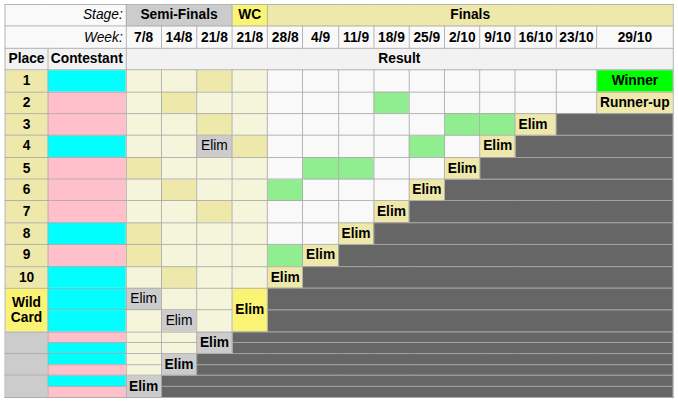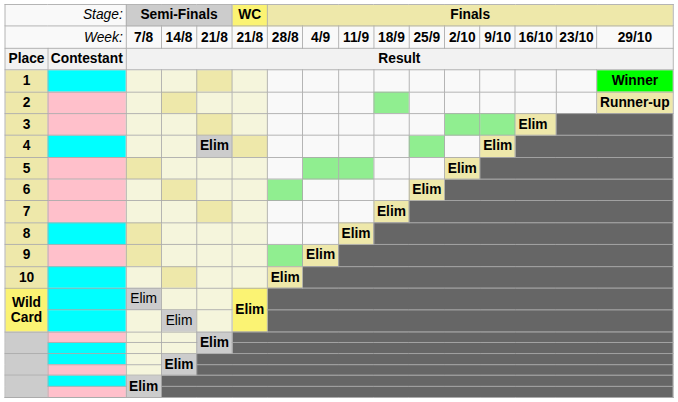 <table class="wikitable" style="margin:1em auto;">
 <tr>
 <td colspan="2" align="right"><em>Stage:</em></td>
 <td colspan="3" bgcolor="CCCCCC" align="Center"><strong>Semi-Finals</strong></td>
 <td colspan="1" bgcolor="#FBF373" align="center"><strong>WC</strong></td>
 <td colspan="11" bgcolor="palegoldenrod" align="Center"><strong>Finals</strong></td>
 </tr>
 <tr>
 <td colspan="2" align="right"><em>Week:</em></td>
 <td align="center"><strong>7/8</strong></td>
 <td align="center"><strong>14/8</strong></td>
 <td align="center"><strong>21/8</strong></td>
 <td align="center"><strong>21/8</strong></td>
 <td align="center"><strong>28/8</strong></td>
 <td align="center"><strong>4/9</strong></td>
 <td align="center"><strong>11/9</strong></td>
 <td align="center"><strong>18/9</strong></td>
 <td align="center"><strong>25/9</strong></td>
 <td align="center"><strong>2/10</strong></td>
 <td align="center"><strong>9/10</strong></td>
 <td align="center"><strong>16/10</strong></td>
 <td align="center"><strong>23/10</strong></td>
 <td align="center"><strong>29/10</strong></td>
 </tr>
 <tr>
 <th>Place</th>
 <th>Contestant</th>
 <th colspan="14" align="center">Result</th>
 </tr>
 <tr>
 <td align="center" bgcolor="palegoldenrod"><strong>1</strong></td>
 <td bgcolor="cyan"></td>
 <td bgcolor="F5F5DC"></td>
 <td bgcolor="F5F5DC"></td>
 <td bgcolor="palegoldenrod" align="center"></td>
 <td bgcolor="F5F5DC"></td>
 <td></td>
 <td></td>
 <td></td>
 <td></td>
 <td></td>
 <td></td>
 <td></td>
 <td></td>
 <td></td>
 <td align="center" bgcolor=lime><strong>Winner</strong></td>
 </tr>
 <tr>
 <td align="center" bgcolor="palegoldenrod"><strong>2</strong></td>
 <td bgcolor="pink"></td>
 <td bgcolor="F5F5DC"></td>
 <td bgcolor="palegoldenrod" align="center"></td>
 <td bgcolor="F5F5DC"></td>
 <td bgcolor="F5F5DC"></td>
 <td></td>
 <td></td>
 <td></td>
 <td bgcolor="lightgreen" align="center"></td>
 <td></td>
 <td></td>
 <td></td>
 <td></td>
 <td></td>
 <td align="center" bgcolor="palegoldenrod"><strong>Runner-up</strong></td>
 </tr>
 <tr>
 <td align="center" bgcolor="palegoldenrod"><strong>3</strong></td>
 <td bgcolor="pink"></td>
 <td bgcolor="F5F5DC"></td>
 <td bgcolor="F5F5DC"></td>
 <td bgcolor="palegoldenrod" align="center"></td>
 <td bgcolor="F5F5DC"></td>
 <td></td>
 <td></td>
 <td></td>
 <td></td>
 <td></td>
 <td bgcolor="lightgreen" align="center"></td>
 <td bgcolor="lightgreen" align="center"></td>
 <td bgcolor="palegoldenrod"><strong>Elim</strong></td>
 <td bgcolor="666666" colspan="3"></td>
 </tr>
 <tr>
 <td align="center" bgcolor="palegoldenrod"><strong>4</strong></td>
 <td bgcolor="cyan"></td>
 <td bgcolor="F5F5DC"></td>
 <td bgcolor="F5F5DC"></td>
-<td bgcolor="#CCCCCC" align="center">Elim</td>
+<td bgcolor="#CCCCCC" align="center"><strong>Elim</strong></td>
 <td bgcolor="palegoldenrod" align="center"></td>
 <td></td>
 <td></td>
 <td></td>
 <td></td>
 <td bgcolor="lightgreen" align="center"></td>
 <td></td>
 <td bgcolor="palegoldenrod"><strong>Elim</strong></td>
 <td bgcolor="666666" colspan="4"></td>
 </tr>
 <tr>
 <td align="center" bgcolor="palegoldenrod"><strong>5</strong></td>
 <td bgcolor="pink"></td>
 <td bgcolor="palegoldenrod" align="center"></td>
 <td bgcolor="F5F5DC"></td>
 <td bgcolor="F5F5DC"></td>
 <td bgcolor="F5F5DC"></td>
 <td></td>
 <td bgcolor="lightgreen" align="center"></td>
 <td bgcolor="lightgreen" align="center"></td>
 <td></td>
 <td></td>
 <td bgcolor="palegoldenrod"><strong>Elim</strong></td>
 <td bgcolor="666666" colspan="5"></td>
 </tr>
 <tr>
 <td align="center" bgcolor="palegoldenrod"><strong>6</strong></td>
 <td bgcolor="pink"></td>
 <td bgcolor="F5F5DC"></td>
 <td bgcolor="palegoldenrod" align="center"></td>
 <td bgcolor="F5F5DC"></td>
 <td bgcolor="F5F5DC"></td>
 <td bgcolor="lightgreen" align="center"></td>
 <td></td>
 <td></td>
 <td></td>
 <td bgcolor="palegoldenrod"><strong>Elim</strong></td>
 <td bgcolor="666666" colspan="6"></td>
 </tr>
 <tr>
 <td align="center" bgcolor="palegoldenrod"><strong>7</strong></td>
 <td bgcolor="pink"></td>
 <td bgcolor="F5F5DC"></td>
 <td bgcolor="F5F5DC"></td>
 <td bgcolor="palegoldenrod" align="center"></td>
 <td bgcolor="F5F5DC"></td>
 <td></td>
 <td></td>
 <td></td>
 <td bgcolor="palegoldenrod"><strong>Elim</strong></td>
 <td bgcolor="666666" colspan="7"></td>
 </tr>
 <tr>
 <td align="center" bgcolor="palegoldenrod"><strong>8</strong></td>
 <td bgcolor="cyan"></td>
 <td bgcolor="palegoldenrod" align="center"></td>
 <td bgcolor="F5F5DC"></td>
 <td bgcolor="F5F5DC"></td>
 <td bgcolor="F5F5DC"></td>
 <td></td>
 <td></td>
 <td bgcolor="palegoldenrod"><strong>Elim</strong></td>
 <td bgcolor="666666" colspan="8"></td>
 </tr>
 <tr>
 <td align="center" bgcolor="palegoldenrod"><strong>9</strong></td>
 <td bgcolor="pink"></td>
 <td bgcolor="palegoldenrod" align="center"></td>
 <td bgcolor="F5F5DC"></td>
 <td bgcolor="F5F5DC"></td>
 <td bgcolor="F5F5DC"></td>
 <td bgcolor="lightgreen" align="center"></td>
 <td bgcolor="palegoldenrod"><strong>Elim</strong></td>
 <td bgcolor="666666" colspan="9"></td>
 </tr>
 <tr>
 <td align="center" bgcolor="palegoldenrod"><strong>10</strong></td>
 <td bgcolor="cyan"></td>
 <td bgcolor="F5F5DC"></td>
 <td bgcolor="palegoldenrod" align="center"></td>
 <td bgcolor="F5F5DC"></td>
 <td bgcolor="F5F5DC"></td>
 <td bgcolor="palegoldenrod"><strong>Elim</strong></td>
 <td bgcolor="666666" colspan="10"></td>
 </tr>
 <tr>
 <td bgcolor="#FBF373" align="center" rowspan="2"><strong>Wild<br>Card</strong></td>
 <td bgcolor="cyan"></td>
 <td bgcolor="#CCCCCC" align="center">Elim</td>
 <td bgcolor="F5F5DC"></td>
 <td bgcolor="F5F5DC"></td>
 <td bgcolor="#FBF373" align="center" rowspan="2"><strong>Elim</strong></td>
 <td bgcolor="666666" colspan="11"></td>
 </tr>
 <tr>
 <td bgcolor="cyan"></td>
 <td bgcolor="F5F5DC"></td>
 <td bgcolor="#CCCCCC" align="center">Elim</td>
 <td bgcolor="F5F5DC"></td>
 <td bgcolor="666666" colspan="11"></td>
 </tr>
 <tr>
 <td bgcolor="#CCCCCC" align="center" rowspan="2"></td>
 <td bgcolor="pink"></td>
 <td bgcolor="F5F5DC"></td>
 <td bgcolor="F5F5DC"></td>
 <td bgcolor="#CCCCCC" align="center" rowspan="2"><strong>Elim</strong></td>
 <td bgcolor="#666666" colspan="12"></td>
 </tr>
 <tr>
 <td bgcolor="cyan"></td>
 <td bgcolor="F5F5DC"></td>
 <td bgcolor="F5F5DC"></td>
 <td bgcolor="666666" colspan="12"></td>
 </tr>
 <tr>
 <td bgcolor="#CCCCCC" align="center" rowspan="2"></td>
 <td bgcolor="cyan"></td>
 <td bgcolor="F5F5DC"></td>
 <td bgcolor="#CCCCCC" align="center" rowspan="2"><strong>Elim</strong></td>
 <td bgcolor="#666666" colspan="13"></td>
 </tr>
 <tr>
 <td bgcolor="pink"></td>
 <td bgcolor="F5F5DC"></td>
 <td bgcolor="#666666" colspan="13"></td>
 </tr>
 <tr>
 <td bgcolor="#CCCCCC" align="center" rowspan="2"></td>
 <td bgcolor="cyan"></td>
 <td bgcolor="#CCCCCC" align="center" rowspan="2"><strong>Elim</strong></td>
 <td bgcolor="#666666" colspan="14"></td>
 </tr>
 <tr>
 <td bgcolor="pink"></td>
 <td bgcolor="#666666" colspan="14"></td>
 </tr>
 <tr>
 </tr>
 </table>
